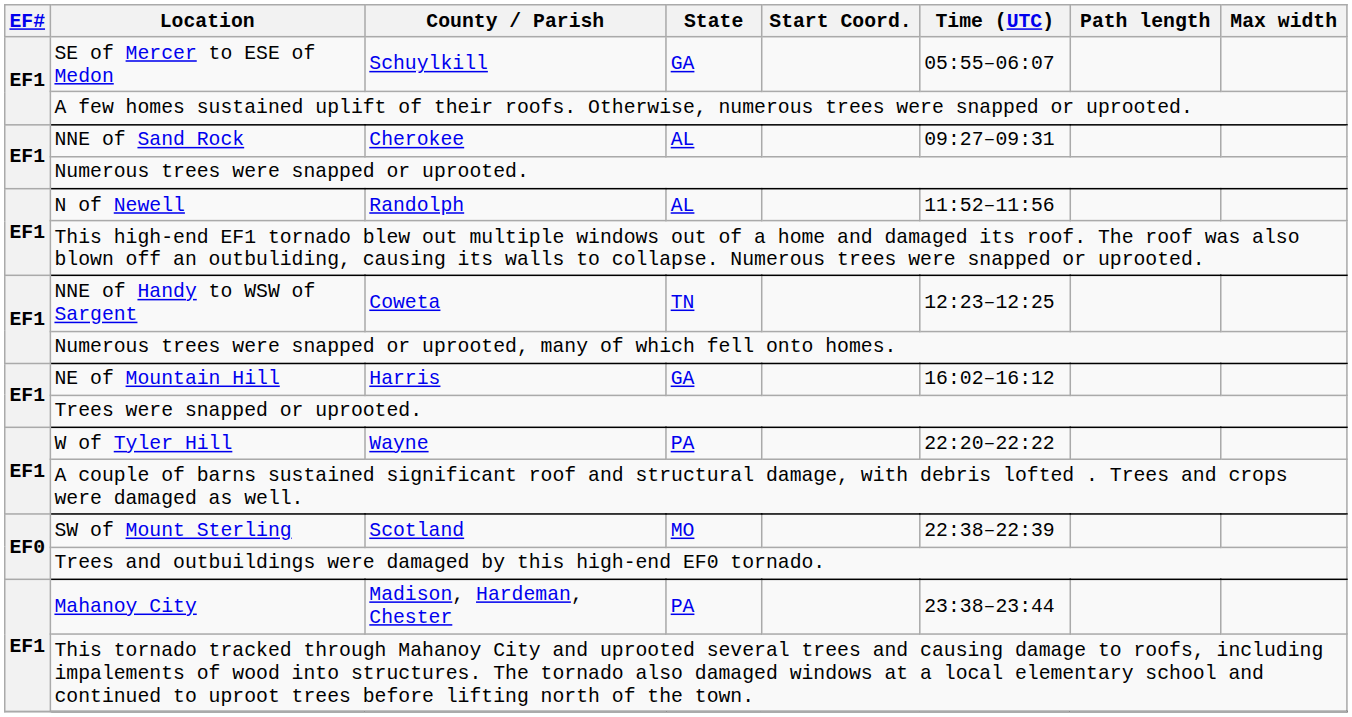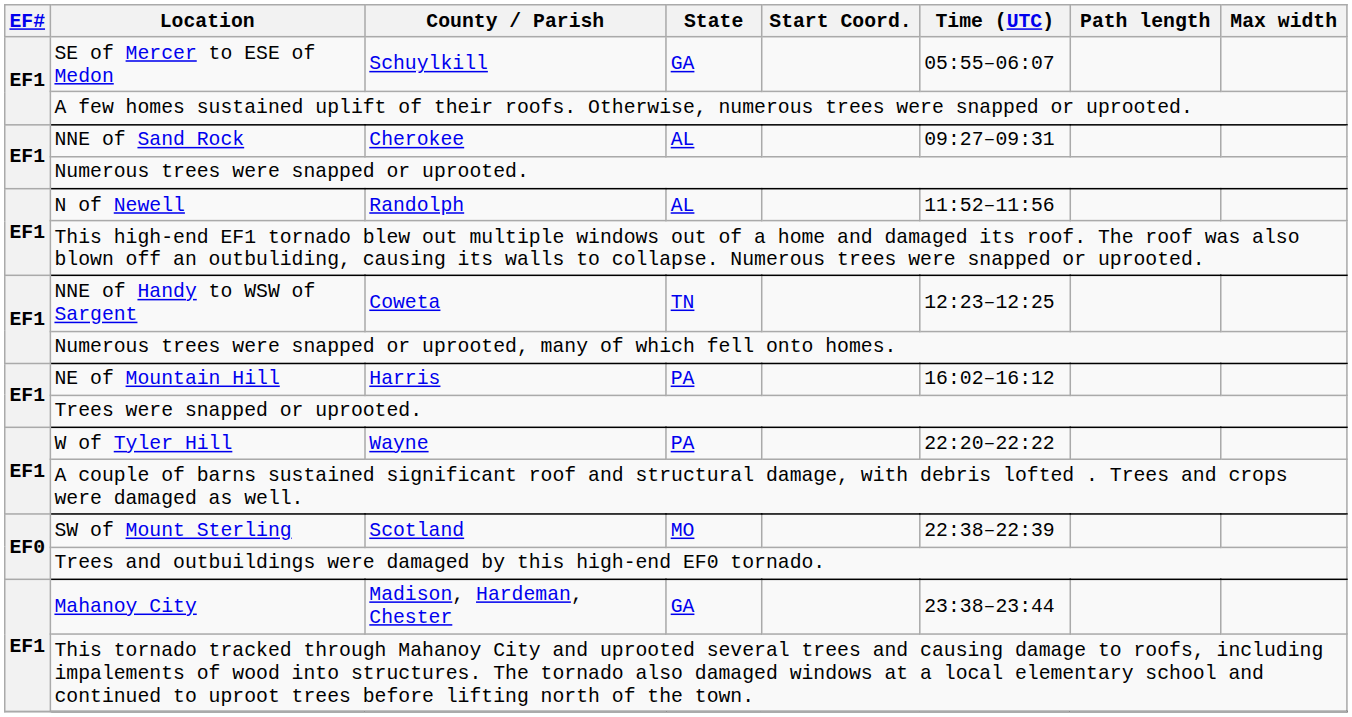 <table class="wikitable sortable" style="width:100%;">
 <tr>
 <th scope="col" width="2%" align="center"><a href='#'>EF#</a></th>
 <th scope="col" align="center" class="unsortable">Location</th>
 <th scope="col" align="center" class="unsortable">County / Parish</th>
 <th scope="col" align="center">State</th>
 <th scope="col" align="center">Start Coord.</th>
 <th scope="col" align="center">Time (<a href='#'>UTC</a>)</th>
 <th scope="col" align="center">Path length</th>
 <th scope="col" align="center">Max width</th>
 </tr>
 <tr>
 <th scope="row" rowspan="2" style="background-color:#">EF1</th>
 <td>SE of <a href='#'>Mercer</a> to ESE of <a href='#'>Medon</a></td>
 <td><a href='#'>Schuylkill</a></td>
 <td><a href='#'>GA</a></td>
 <td></td>
 <td>05:55–06:07</td>
 <td></td>
 <td></td>
 </tr>
 <tr class="expand-child">
 <td colspan="8" style=" border-bottom: 1px solid black;">A few homes sustained uplift of their roofs. Otherwise, numerous trees were snapped or uprooted.</td>
 </tr>
 <tr>
 <th scope="row" rowspan="2" style="background-color:#">EF1</th>
 <td>NNE of <a href='#'>Sand Rock</a></td>
 <td><a href='#'>Cherokee</a></td>
 <td><a href='#'>AL</a></td>
 <td></td>
 <td>09:27–09:31</td>
 <td></td>
 <td></td>
 </tr>
 <tr class="expand-child">
 <td colspan="8" style=" border-bottom: 1px solid black;">Numerous trees were snapped or uprooted.</td>
 </tr>
 <tr>
 <th scope="row" rowspan="2" style="background-color:#">EF1</th>
 <td>N of <a href='#'>Newell</a></td>
 <td><a href='#'>Randolph</a></td>
 <td><a href='#'>AL</a></td>
 <td></td>
 <td>11:52–11:56</td>
 <td></td>
 <td></td>
 </tr>
 <tr class="expand-child">
 <td colspan="8" style=" border-bottom: 1px solid black;">This high-end EF1 tornado blew out multiple windows out of a home and damaged its roof. The roof was also blown off an outbuliding, causing its walls to collapse. Numerous trees were snapped or uprooted.</td>
 </tr>
 <tr>
 <th scope="row" rowspan="2" style="background-color:#">EF1</th>
 <td>NNE of <a href='#'>Handy</a> to WSW of <a href='#'>Sargent</a></td>
 <td><a href='#'>Coweta</a></td>
 <td><a href='#'>TN</a></td>
 <td></td>
 <td>12:23–12:25</td>
 <td></td>
 <td></td>
 </tr>
 <tr class="expand-child">
 <td colspan="8" style=" border-bottom: 1px solid black;">Numerous trees were snapped or uprooted, many of which fell onto homes.</td>
 </tr>
 <tr>
 <th scope="row" rowspan="2" style="background-color:#">EF1</th>
 <td>NE of <a href='#'>Mountain Hill</a></td>
 <td><a href='#'>Harris</a></td>
-<td><a href='#'>GA</a></td>
+<td><a href='#'>PA</a></td>
 <td></td>
 <td>16:02–16:12</td>
 <td></td>
 <td></td>
 </tr>
 <tr class="expand-child">
 <td colspan="8" style=" border-bottom: 1px solid black;">Trees were snapped or uprooted.</td>
 </tr>
 <tr>
 <th scope="row" rowspan="2" style="background-color:#">EF1</th>
 <td>W of <a href='#'>Tyler Hill</a></td>
 <td><a href='#'>Wayne</a></td>
 <td><a href='#'>PA</a></td>
 <td></td>
 <td>22:20–22:22</td>
 <td></td>
 <td></td>
 </tr>
 <tr class="expand-child">
 <td colspan="8" style=" border-bottom: 1px solid black;">A couple of barns sustained significant roof and structural damage, with debris lofted . Trees and crops were damaged as well.</td>
 </tr>
 <tr>
 <th scope="row" rowspan="2" style="background-color:#">EF0</th>
 <td>SW of <a href='#'>Mount Sterling</a></td>
 <td><a href='#'>Scotland</a></td>
 <td><a href='#'>MO</a></td>
 <td></td>
 <td>22:38–22:39</td>
 <td></td>
 <td></td>
 </tr>
 <tr class="expand-child">
 <td colspan="8" style=" border-bottom: 1px solid black;">Trees and outbuildings were damaged by this high-end EF0 tornado.</td>
 </tr>
 <tr>
 <th scope="row" rowspan="2" style="background-color:#">EF1</th>
 <td><a href='#'>Mahanoy City</a></td>
 <td><a href='#'>Madison</a>, <a href='#'>Hardeman</a>, <a href='#'>Chester</a></td>
-<td><a href='#'>PA</a></td>
+<td><a href='#'>GA</a></td>
 <td></td>
 <td>23:38–23:44</td>
 <td></td>
 <td></td>
 </tr>
 <tr class="expand-child">
 <td colspan="8" style=" border-bottom: 1px solid black;">This tornado tracked through Mahanoy City and uprooted several trees and causing damage to roofs, including impalements of wood into structures. The tornado also damaged windows at a local elementary school and continued to uproot trees before lifting north of the town.</td>
 </tr>
 <tr>
 </tr>
 </table>
